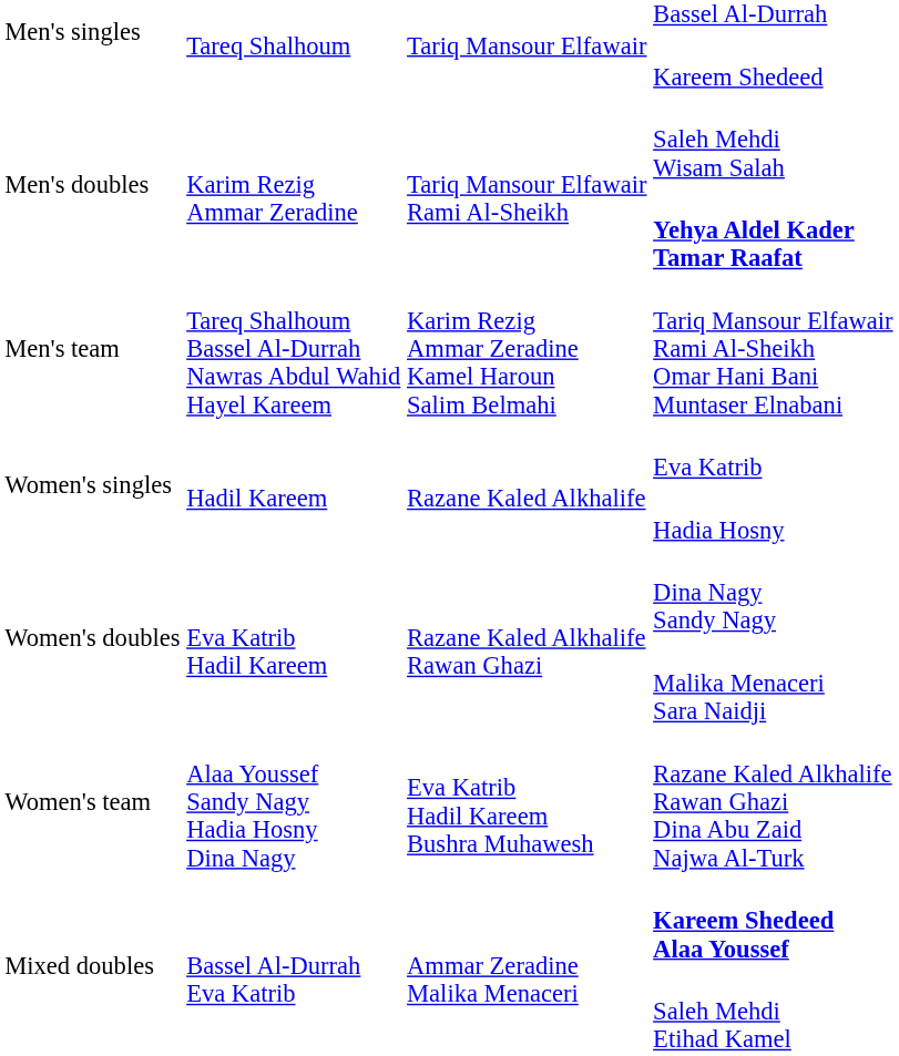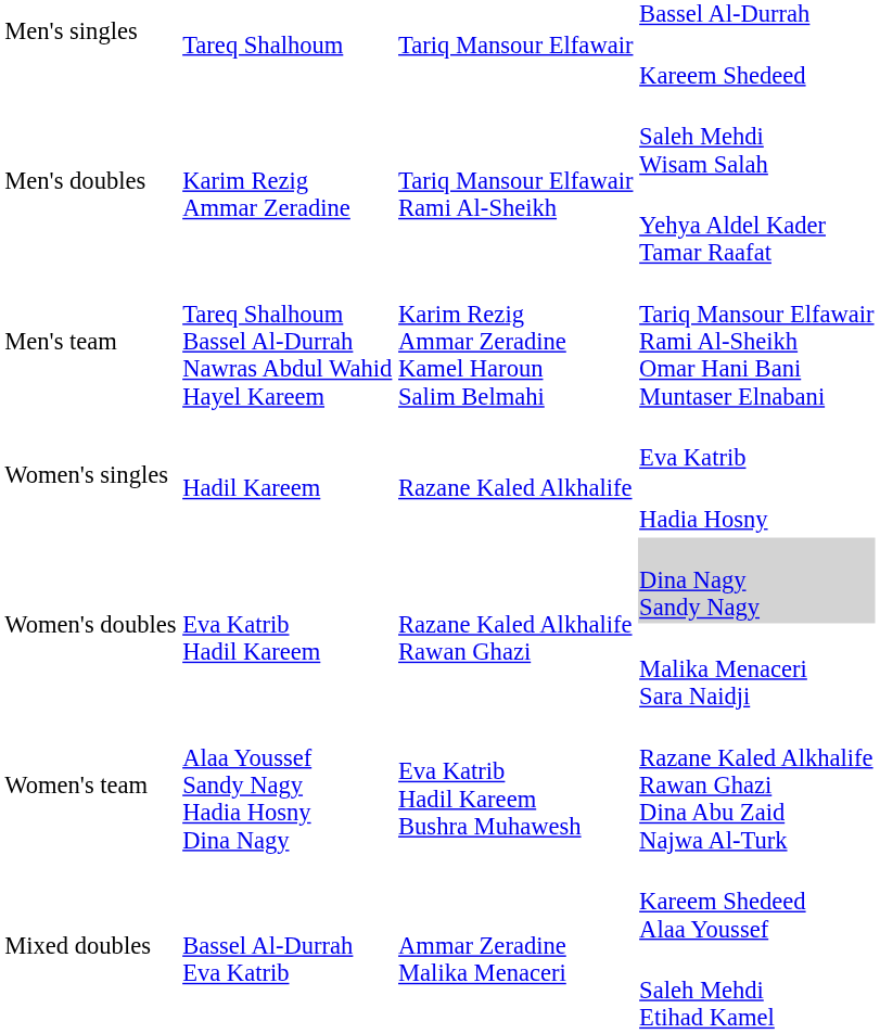 <table>
 <tr>
 <td rowspan=2>Men's singles</td>
 <td rowspan=2><br><a href='#'>Tareq Shalhoum</a></td>
 <td rowspan=2><br><a href='#'>Tariq Mansour Elfawair</a></td>
 <td><br><a href='#'>Bassel Al-Durrah</a></td>
 </tr>
 <tr>
 <td><br><a href='#'>Kareem Shedeed</a></td>
 </tr>
 <tr>
 <td rowspan=2>Men's doubles</td>
 <td rowspan=2><br><a href='#'>Karim Rezig</a><br><a href='#'>Ammar Zeradine</a></td>
 <td rowspan=2><br><a href='#'>Tariq Mansour Elfawair</a><br><a href='#'>Rami Al-Sheikh</a></td>
 <td><br><a href='#'>Saleh Mehdi</a><br><a href='#'>Wisam Salah</a></td>
 </tr>
 <tr>
-<td><strong><br><a href='#'>Yehya Aldel Kader</a><br><a href='#'>Tamar Raafat</a></strong></td>
+<td><br><a href='#'>Yehya Aldel Kader</a><br><a href='#'>Tamar Raafat</a></td>
 </tr>
 <tr>
 <td>Men's team</td>
 <td><br><a href='#'>Tareq Shalhoum</a><br><a href='#'>Bassel Al-Durrah</a><br><a href='#'>Nawras Abdul Wahid</a><br><a href='#'>Hayel Kareem</a></td>
 <td><br><a href='#'>Karim Rezig</a><br><a href='#'>Ammar Zeradine</a><br><a href='#'>Kamel Haroun</a><br><a href='#'>Salim Belmahi</a></td>
 <td><br><a href='#'>Tariq Mansour Elfawair</a><br><a href='#'>Rami Al-Sheikh</a><br><a href='#'>Omar Hani Bani</a><br><a href='#'>Muntaser Elnabani</a></td>
 </tr>
 <tr>
 <td rowspan=2>Women's singles</td>
 <td rowspan=2><br><a href='#'>Hadil Kareem</a></td>
 <td rowspan=2><br><a href='#'>Razane Kaled Alkhalife</a></td>
 <td><br><a href='#'>Eva Katrib</a></td>
 </tr>
 <tr>
 <td><br><a href='#'>Hadia Hosny</a></td>
 </tr>
 <tr>
 <td rowspan=2>Women's doubles</td>
 <td rowspan=2><br><a href='#'>Eva Katrib</a><br><a href='#'>Hadil Kareem</a></td>
 <td rowspan=2><br><a href='#'>Razane Kaled Alkhalife</a><br><a href='#'>Rawan Ghazi</a></td>
-<td><br><a href='#'>Dina Nagy</a><br><a href='#'>Sandy Nagy</a></td>
+<td style="background: lightgrey;"><br><a href='#'>Dina Nagy</a><br><a href='#'>Sandy Nagy</a></td>
 </tr>
 <tr>
 <td><br><a href='#'>Malika Menaceri</a><br><a href='#'>Sara Naidji</a></td>
 </tr>
 <tr>
 <td>Women's team</td>
 <td><br><a href='#'>Alaa Youssef</a><br><a href='#'>Sandy Nagy</a><br><a href='#'>Hadia Hosny</a><br><a href='#'>Dina Nagy</a></td>
 <td><br><a href='#'>Eva Katrib</a><br><a href='#'>Hadil Kareem</a><br><a href='#'>Bushra Muhawesh</a></td>
 <td><br><a href='#'>Razane Kaled Alkhalife</a><br><a href='#'>Rawan Ghazi</a><br><a href='#'>Dina Abu Zaid</a><br><a href='#'>Najwa Al-Turk</a></td>
 </tr>
 <tr>
 <td rowspan=2>Mixed doubles</td>
 <td rowspan=2><br><a href='#'>Bassel Al-Durrah</a><br><a href='#'>Eva Katrib</a></td>
 <td rowspan=2><br><a href='#'>Ammar Zeradine</a><br><a href='#'>Malika Menaceri</a></td>
-<td><strong><br><a href='#'>Kareem Shedeed</a><br><a href='#'>Alaa Youssef</a></strong></td>
+<td><br><a href='#'>Kareem Shedeed</a><br><a href='#'>Alaa Youssef</a></td>
 </tr>
 <tr>
 <td><br><a href='#'>Saleh Mehdi</a><br><a href='#'>Etihad Kamel</a></td>
 </tr>
 </table>
